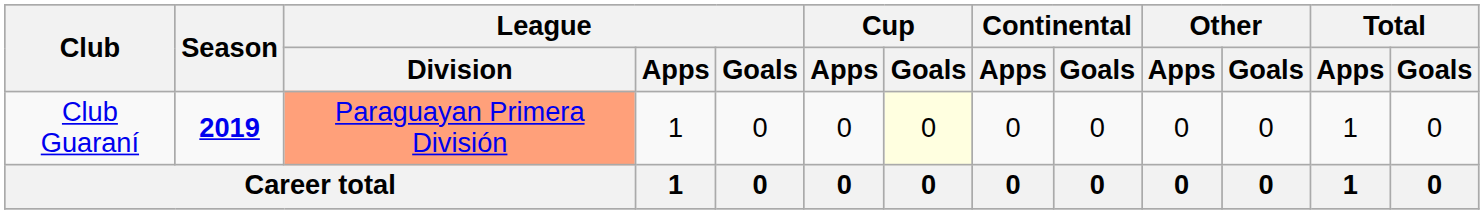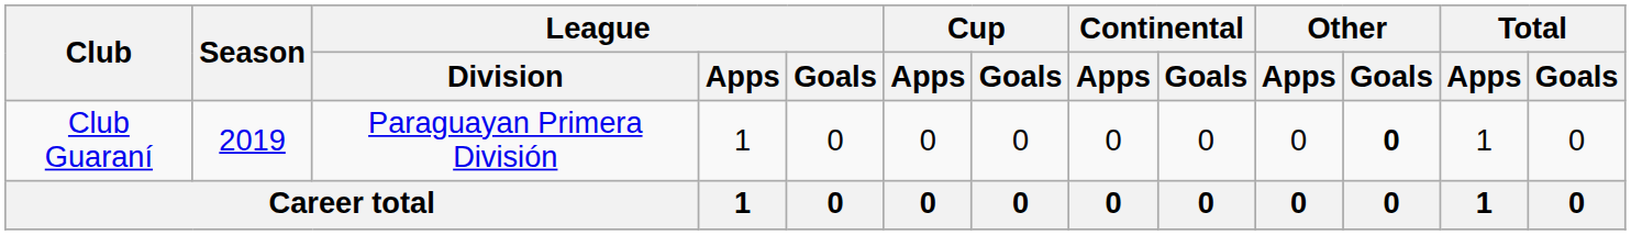 <table class="wikitable" style="text-align: center">
 <tr>
 <th rowspan="2">Club</th>
 <th rowspan="2">Season</th>
 <th colspan="3">League</th>
 <th colspan="2">Cup</th>
 <th colspan="2">Continental</th>
 <th colspan="2">Other</th>
 <th colspan="2">Total</th>
 </tr>
 <tr>
 <th>Division</th>
 <th>Apps</th>
 <th>Goals</th>
 <th>Apps</th>
 <th>Goals</th>
 <th>Apps</th>
 <th>Goals</th>
 <th>Apps</th>
 <th>Goals</th>
 <th>Apps</th>
 <th>Goals</th>
 </tr>
 <tr>
 <td><a href='#'>Club Guaraní</a></td>
-<td><strong><a href='#'>2019</a></strong></td>
-<td style="background: lightsalmon;"><a href='#'>Paraguayan Primera División</a></td>
+<td><a href='#'>2019</a></td>
+<td><a href='#'>Paraguayan Primera División</a></td>
 <td>1</td>
-<td>0</td>
-<td>0</td>
-<td style="background: lightyellow;">0</td>
 <td>0</td>
 <td>0</td>
 <td>0</td>
 <td>0</td>
+<td>0</td>
+<td>0</td>
+<td><strong>0</strong></td>
 <td>1</td>
 <td>0</td>
 </tr>
 <tr>
 <th colspan="3"><strong>Career total</strong></th>
 <th>1</th>
 <th>0</th>
 <th>0</th>
 <th>0</th>
 <th>0</th>
 <th>0</th>
 <th>0</th>
 <th>0</th>
 <th>1</th>
 <th>0</th>
 </tr>
 </table>
